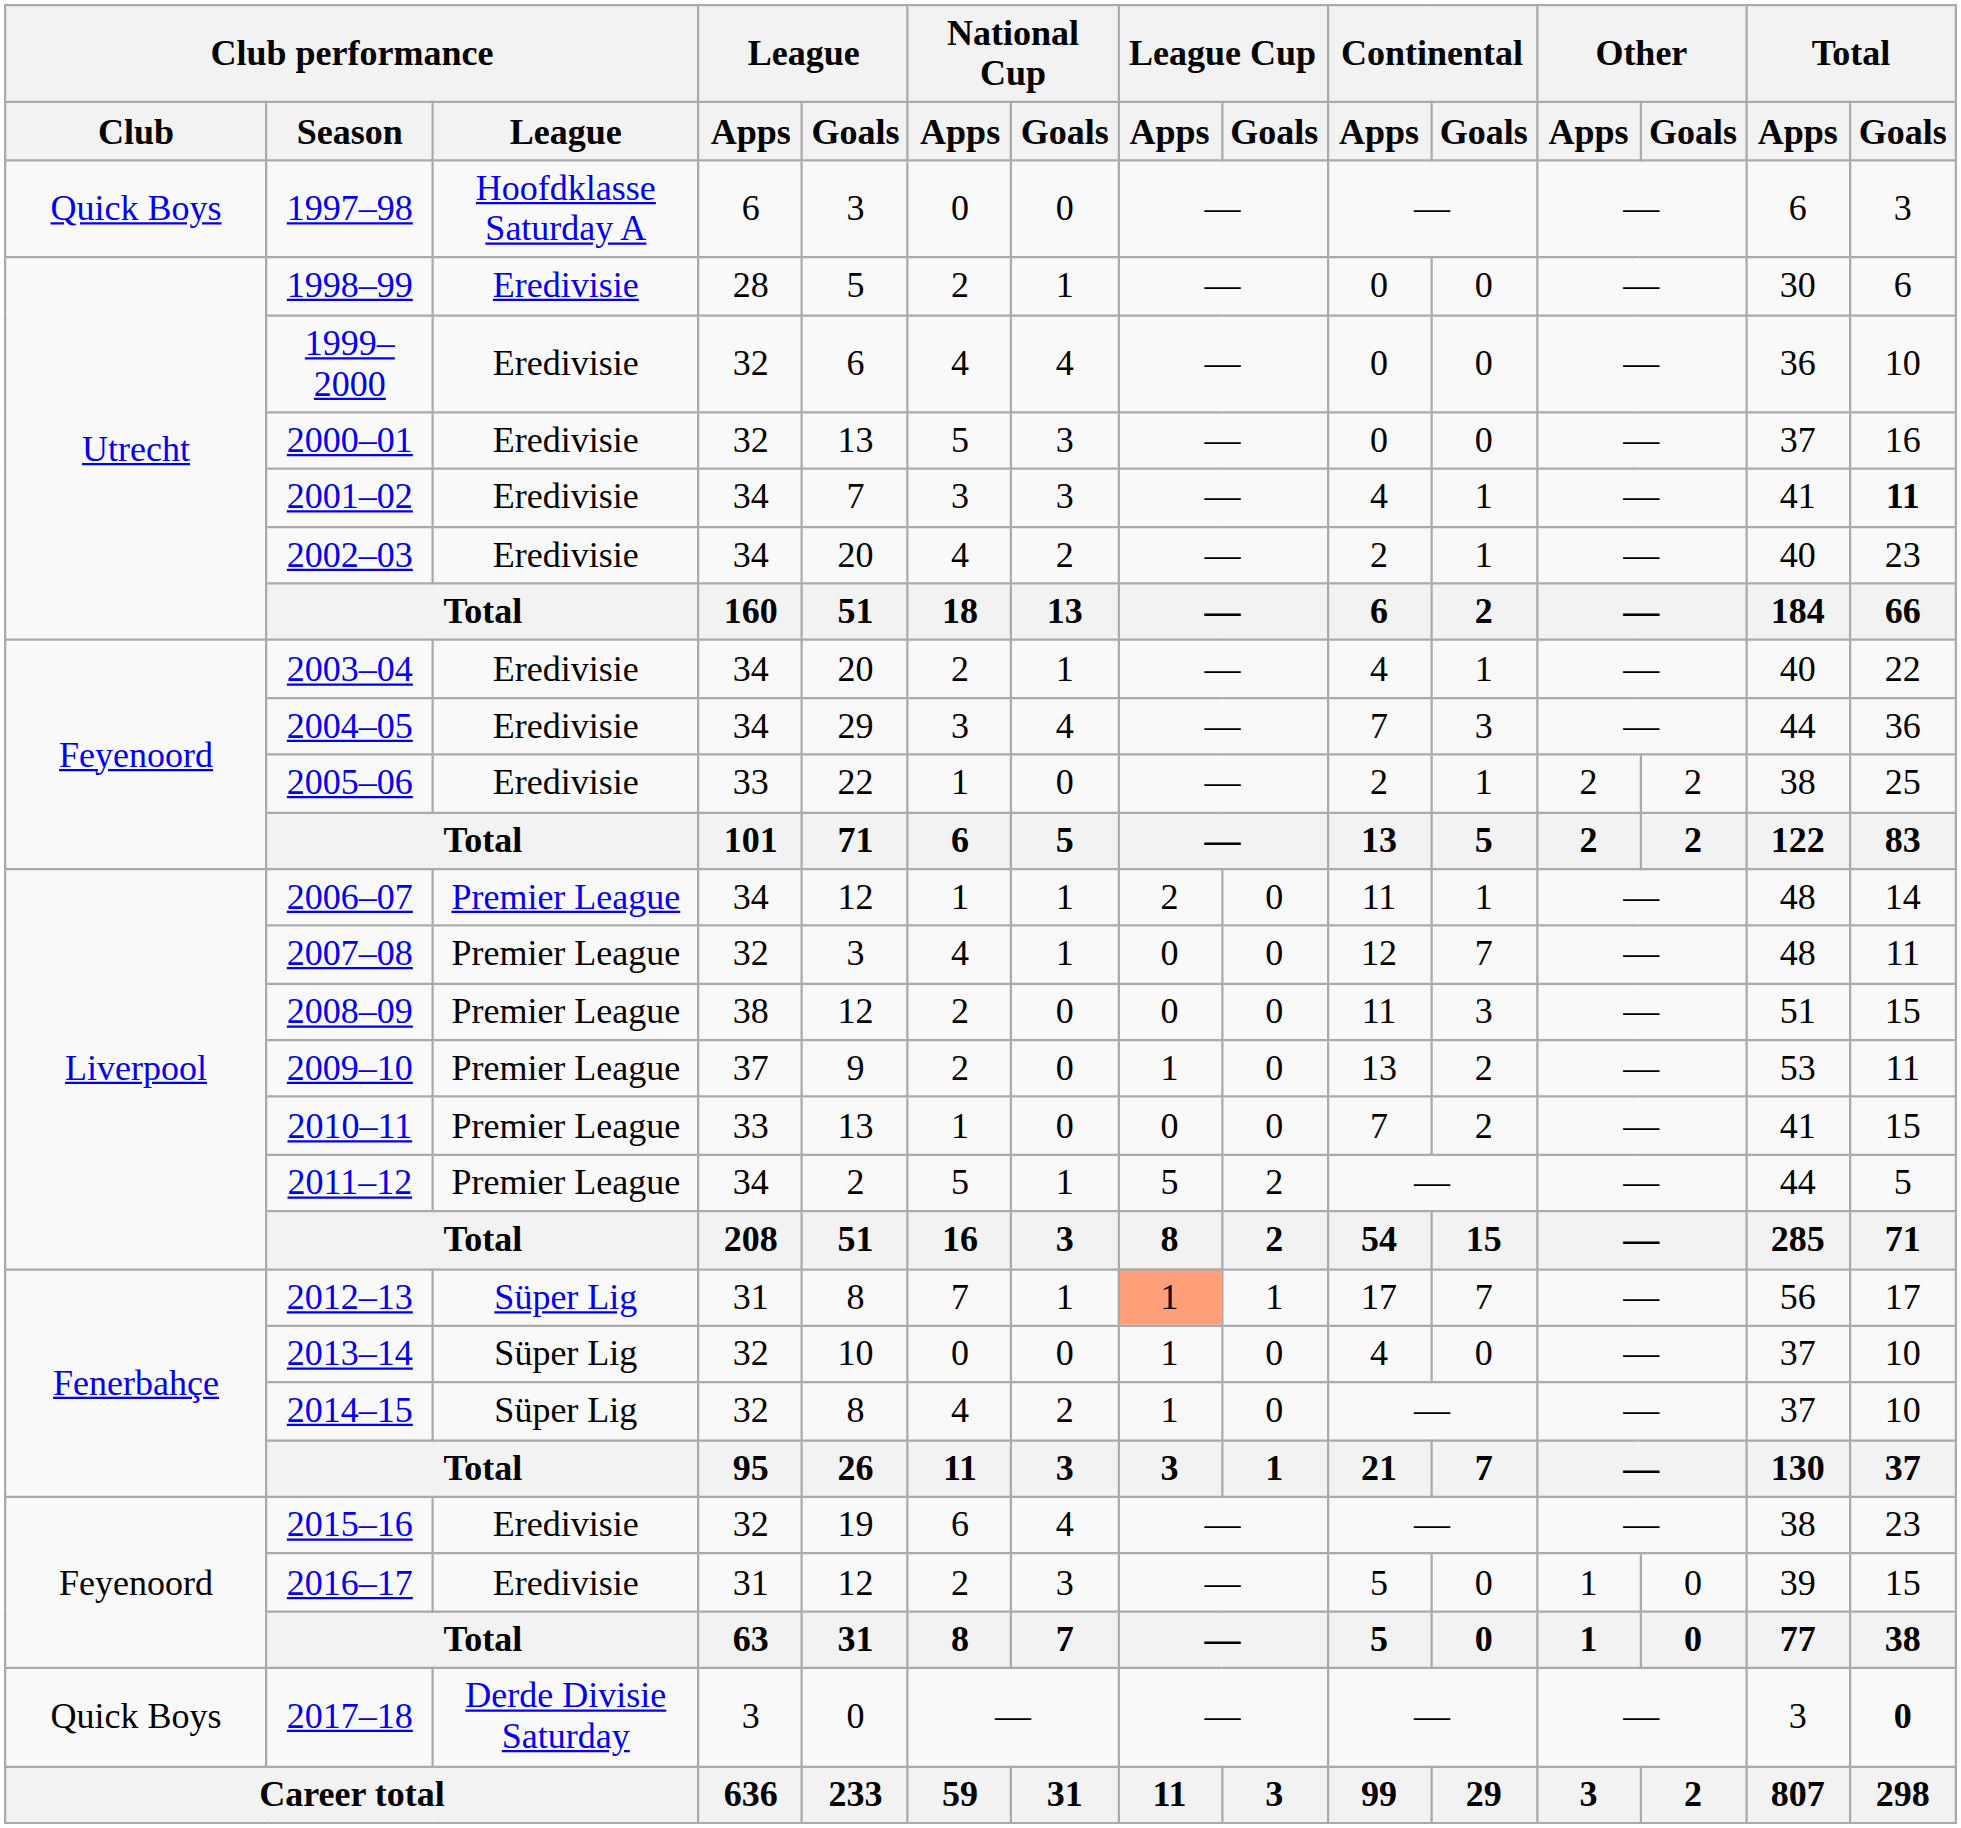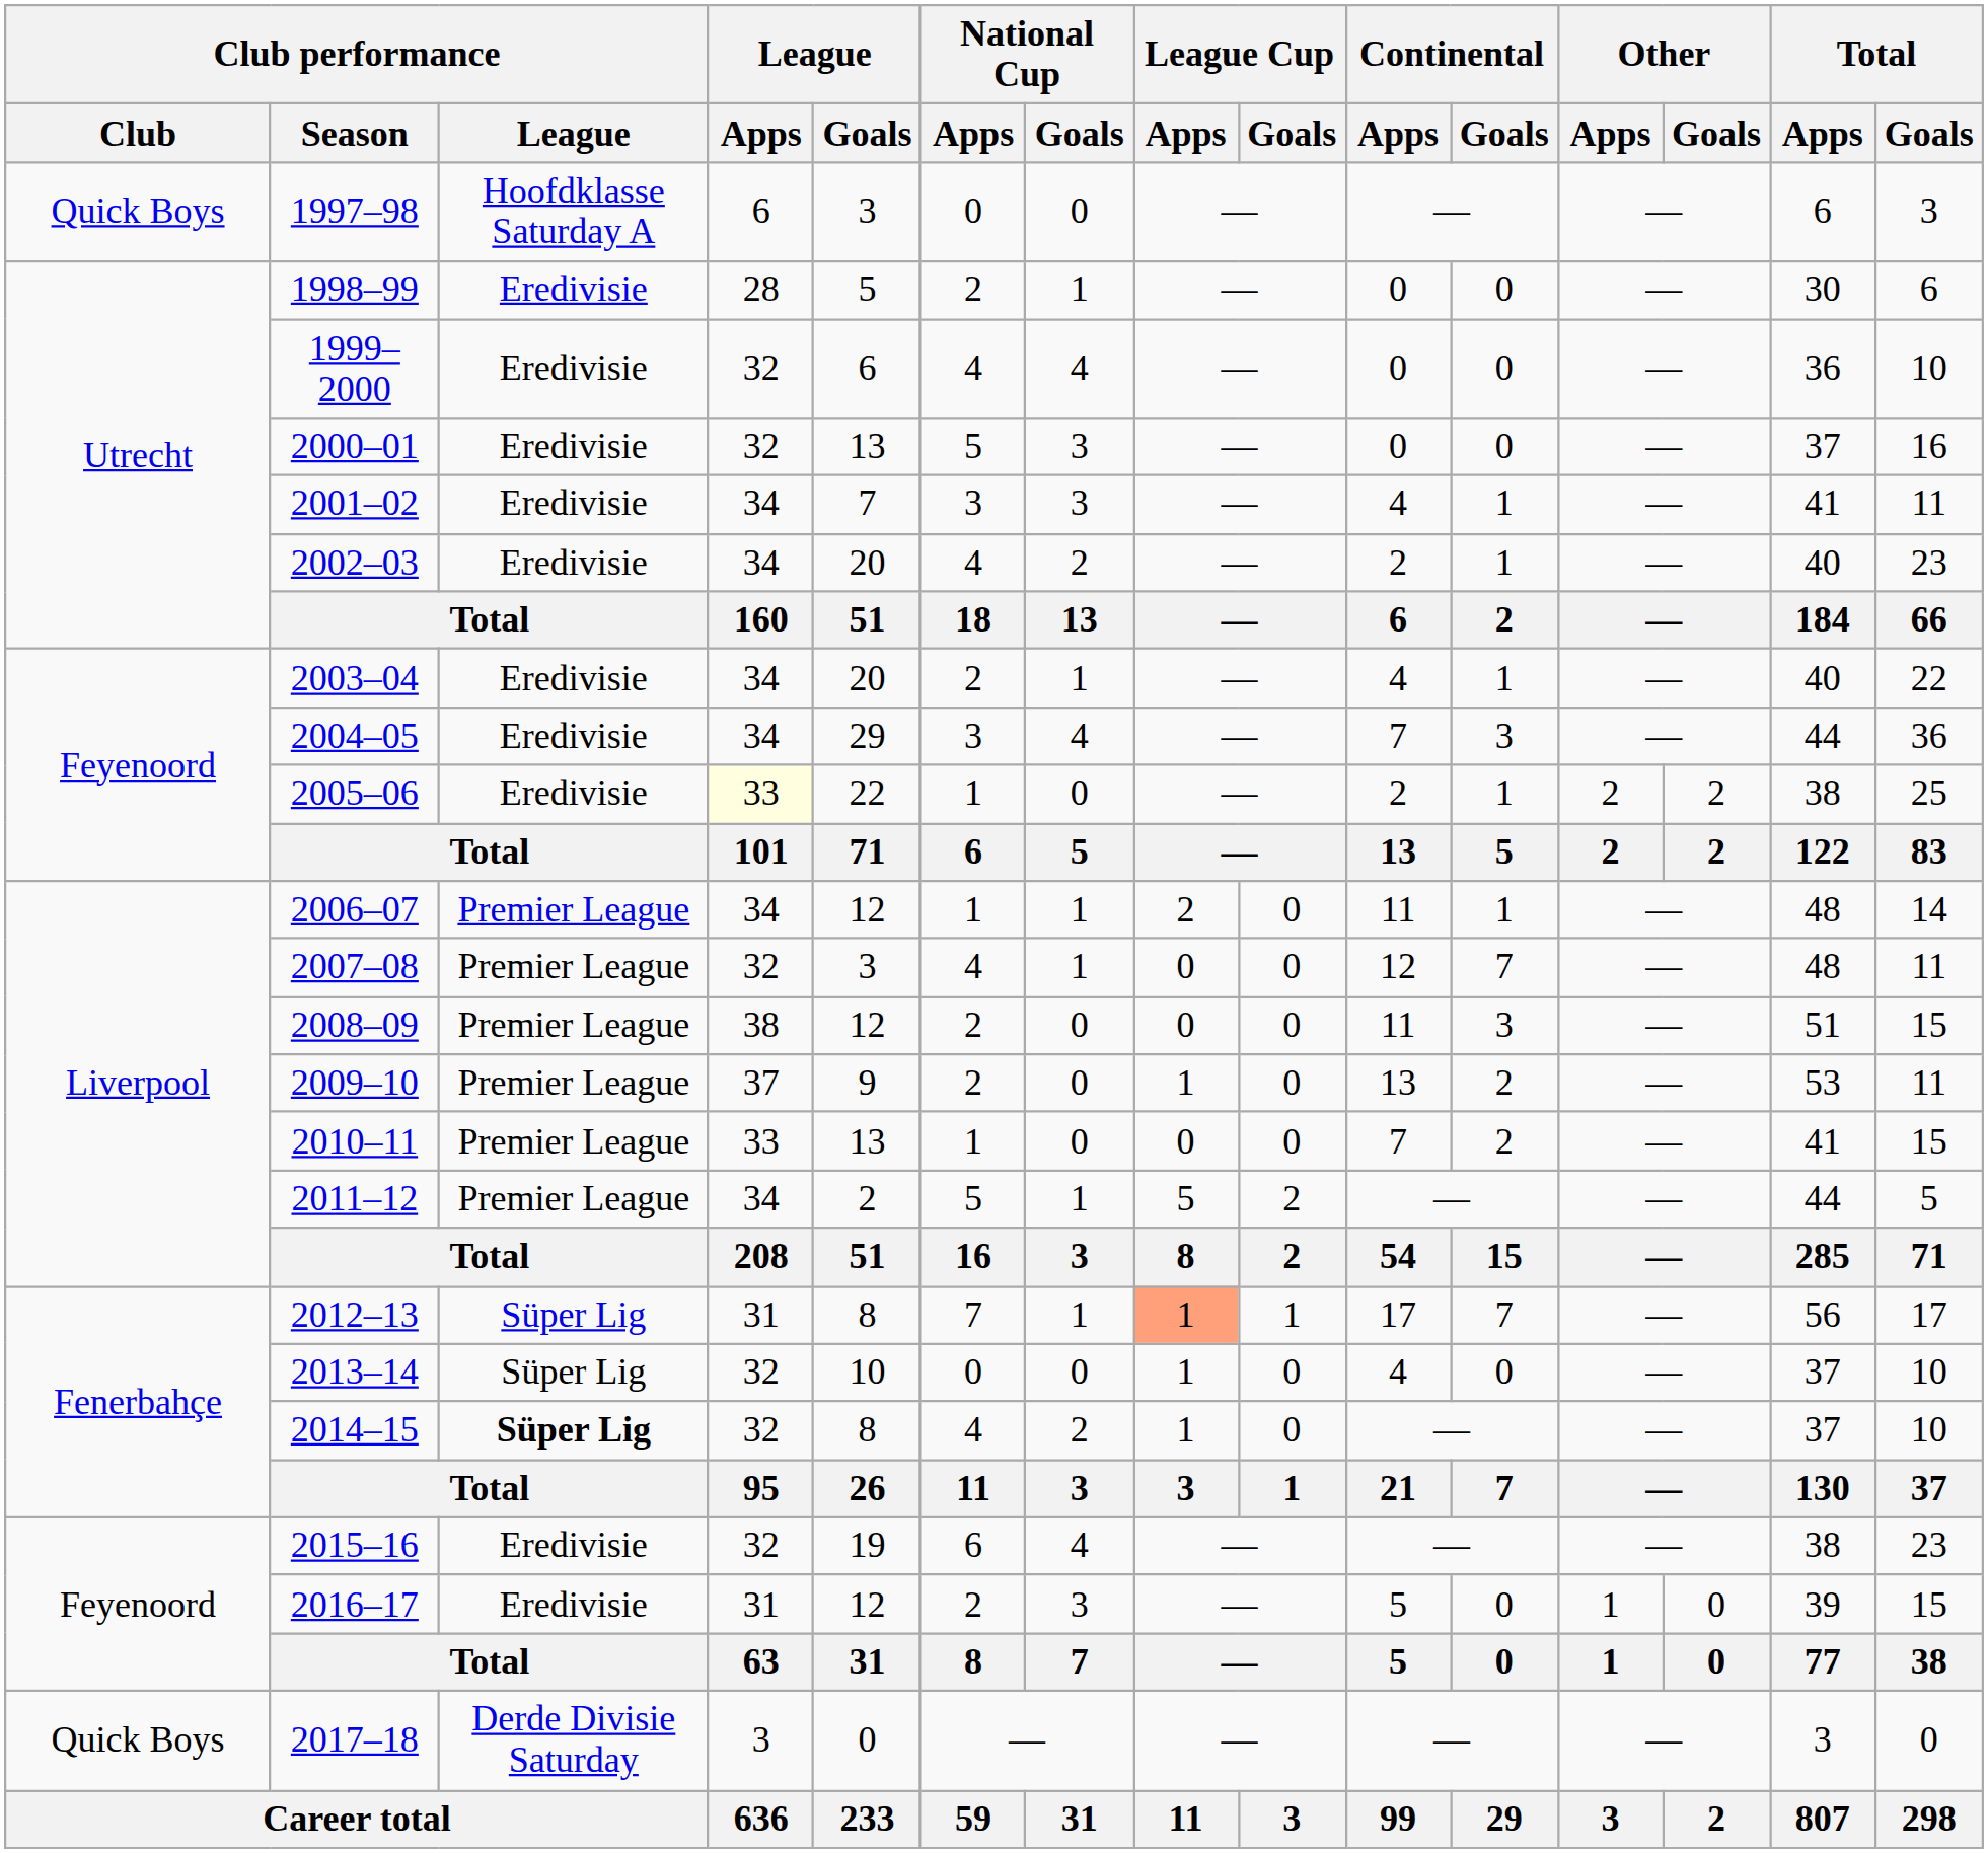 <table class="wikitable" style="text-align: center;">
 <tr>
 <th colspan="3">Club performance</th>
 <th colspan="2">League</th>
 <th colspan="2">National Cup</th>
 <th colspan="2">League Cup</th>
 <th colspan="2">Continental</th>
 <th colspan="2">Other</th>
 <th colspan="3">Total</th>
 </tr>
 <tr>
 <th width="125">Club</th>
 <th width="75">Season</th>
 <th width="125">League</th>
 <th width="40">Apps</th>
 <th width="40">Goals</th>
 <th width="40">Apps</th>
 <th width="40">Goals</th>
 <th width="40">Apps</th>
 <th width="40">Goals</th>
 <th width="40">Apps</th>
 <th width="40">Goals</th>
 <th width="40">Apps</th>
 <th width="40">Goals</th>
 <th width="40">Apps</th>
 <th width="40">Goals</th>
 </tr>
 <tr>
 <td><a href='#'>Quick Boys</a></td>
 <td><a href='#'>1997–98</a></td>
 <td><a href='#'>Hoofdklasse Saturday A</a></td>
 <td>6</td>
 <td>3</td>
 <td>0</td>
 <td>0</td>
 <td colspan="2">—</td>
 <td colspan="2">—</td>
 <td colspan="2">—</td>
 <td>6</td>
 <td>3</td>
 </tr>
 <tr>
 <td rowspan="6"><a href='#'>Utrecht</a></td>
 <td><a href='#'>1998–99</a></td>
 <td><a href='#'>Eredivisie</a></td>
 <td>28</td>
 <td>5</td>
 <td>2</td>
 <td>1</td>
 <td colspan="2">—</td>
 <td>0</td>
 <td>0</td>
 <td colspan="2">—</td>
 <td>30</td>
 <td>6</td>
 </tr>
 <tr>
 <td><a href='#'>1999–2000</a></td>
 <td>Eredivisie</td>
 <td>32</td>
 <td>6</td>
 <td>4</td>
 <td>4</td>
 <td colspan="2">—</td>
 <td>0</td>
 <td>0</td>
 <td colspan="2">—</td>
 <td>36</td>
 <td>10</td>
 </tr>
 <tr>
 <td><a href='#'>2000–01</a></td>
 <td>Eredivisie</td>
 <td>32</td>
 <td>13</td>
 <td>5</td>
 <td>3</td>
 <td colspan="2">—</td>
 <td>0</td>
 <td>0</td>
 <td colspan="2">—</td>
 <td>37</td>
 <td>16</td>
 </tr>
 <tr>
 <td><a href='#'>2001–02</a></td>
 <td>Eredivisie</td>
 <td>34</td>
 <td>7</td>
 <td>3</td>
 <td>3</td>
 <td colspan="2">—</td>
 <td>4</td>
 <td>1</td>
 <td colspan="2">—</td>
 <td>41</td>
-<td><strong>11</strong></td>
+<td>11</td>
 </tr>
 <tr>
 <td><a href='#'>2002–03</a></td>
 <td>Eredivisie</td>
 <td>34</td>
 <td>20</td>
 <td>4</td>
 <td>2</td>
 <td colspan="2">—</td>
 <td>2</td>
 <td>1</td>
 <td colspan="2">—</td>
 <td>40</td>
 <td>23</td>
 </tr>
 <tr>
 <th colspan="2">Total</th>
 <th>160</th>
 <th>51</th>
 <th>18</th>
 <th>13</th>
 <th colspan="2">—</th>
 <th>6</th>
 <th>2</th>
 <th colspan="2">—</th>
 <th>184</th>
 <th>66</th>
 </tr>
 <tr>
 <td rowspan="4"><a href='#'>Feyenoord</a></td>
 <td><a href='#'>2003–04</a></td>
 <td>Eredivisie</td>
 <td>34</td>
 <td>20</td>
 <td>2</td>
 <td>1</td>
 <td colspan="2">—</td>
 <td>4</td>
 <td>1</td>
 <td colspan="2">—</td>
 <td>40</td>
 <td>22</td>
 </tr>
 <tr>
 <td><a href='#'>2004–05</a></td>
 <td>Eredivisie</td>
 <td>34</td>
 <td>29</td>
 <td>3</td>
 <td>4</td>
 <td colspan="2">—</td>
 <td>7</td>
 <td>3</td>
 <td colspan="2">—</td>
 <td>44</td>
 <td>36</td>
 </tr>
 <tr>
 <td><a href='#'>2005–06</a></td>
 <td>Eredivisie</td>
-<td>33</td>
+<td style="background: lightyellow;">33</td>
 <td>22</td>
 <td>1</td>
 <td>0</td>
 <td colspan="2">—</td>
 <td>2</td>
 <td>1</td>
 <td>2</td>
 <td>2</td>
 <td>38</td>
 <td>25</td>
 </tr>
 <tr>
 <th colspan="2">Total</th>
 <th>101</th>
 <th>71</th>
 <th>6</th>
 <th>5</th>
 <th colspan="2">—</th>
 <th>13</th>
 <th>5</th>
 <th>2</th>
 <th>2</th>
 <th>122</th>
 <th>83</th>
 </tr>
 <tr>
 <td rowspan="7"><a href='#'>Liverpool</a></td>
 <td><a href='#'>2006–07</a></td>
 <td><a href='#'>Premier League</a></td>
 <td>34</td>
 <td>12</td>
 <td>1</td>
 <td>1</td>
 <td>2</td>
 <td>0</td>
 <td>11</td>
 <td>1</td>
 <td colspan="2">—</td>
 <td>48</td>
 <td>14</td>
 </tr>
 <tr>
 <td><a href='#'>2007–08</a></td>
 <td>Premier League</td>
 <td>32</td>
 <td>3</td>
 <td>4</td>
 <td>1</td>
 <td>0</td>
 <td>0</td>
 <td>12</td>
 <td>7</td>
 <td colspan="2">—</td>
 <td>48</td>
 <td>11</td>
 </tr>
 <tr>
 <td><a href='#'>2008–09</a></td>
 <td>Premier League</td>
 <td>38</td>
 <td>12</td>
 <td>2</td>
 <td>0</td>
 <td>0</td>
 <td>0</td>
 <td>11</td>
 <td>3</td>
 <td colspan="2">—</td>
 <td>51</td>
 <td>15</td>
 </tr>
 <tr>
 <td><a href='#'>2009–10</a></td>
 <td>Premier League</td>
 <td>37</td>
 <td>9</td>
 <td>2</td>
 <td>0</td>
 <td>1</td>
 <td>0</td>
 <td>13</td>
 <td>2</td>
 <td colspan="2">—</td>
 <td>53</td>
 <td>11</td>
 </tr>
 <tr>
 <td><a href='#'>2010–11</a></td>
 <td>Premier League</td>
 <td>33</td>
 <td>13</td>
 <td>1</td>
 <td>0</td>
 <td>0</td>
 <td>0</td>
 <td>7</td>
 <td>2</td>
 <td colspan="2">—</td>
 <td>41</td>
 <td>15</td>
 </tr>
 <tr>
 <td><a href='#'>2011–12</a></td>
 <td>Premier League</td>
 <td>34</td>
 <td>2</td>
 <td>5</td>
 <td>1</td>
 <td>5</td>
 <td>2</td>
 <td colspan="2">—</td>
 <td colspan="2">—</td>
 <td>44</td>
 <td>5</td>
 </tr>
 <tr>
 <th colspan="2">Total</th>
 <th>208</th>
 <th>51</th>
 <th>16</th>
 <th>3</th>
 <th>8</th>
 <th>2</th>
 <th>54</th>
 <th>15</th>
 <th colspan="2">—</th>
 <th>285</th>
 <th>71</th>
 </tr>
 <tr>
 <td rowspan="4"><a href='#'>Fenerbahçe</a></td>
 <td><a href='#'>2012–13</a></td>
 <td><a href='#'>Süper Lig</a></td>
 <td>31</td>
 <td>8</td>
 <td>7</td>
 <td>1</td>
 <td style="background: lightsalmon;">1</td>
 <td>1</td>
 <td>17</td>
 <td>7</td>
 <td colspan="2">—</td>
 <td>56</td>
 <td>17</td>
 </tr>
 <tr>
 <td><a href='#'>2013–14</a></td>
 <td>Süper Lig</td>
 <td>32</td>
 <td>10</td>
 <td>0</td>
 <td>0</td>
 <td>1</td>
 <td>0</td>
 <td>4</td>
 <td>0</td>
 <td colspan="2">—</td>
 <td>37</td>
 <td>10</td>
 </tr>
 <tr>
 <td><a href='#'>2014–15</a></td>
-<td>Süper Lig</td>
+<td><strong>Süper Lig</strong></td>
 <td>32</td>
 <td>8</td>
 <td>4</td>
 <td>2</td>
 <td>1</td>
 <td>0</td>
 <td colspan="2">—</td>
 <td colspan="2">—</td>
 <td>37</td>
 <td>10</td>
 </tr>
 <tr>
 <th colspan="2">Total</th>
 <th>95</th>
 <th>26</th>
 <th>11</th>
 <th>3</th>
 <th>3</th>
 <th>1</th>
 <th>21</th>
 <th>7</th>
 <th colspan="2">—</th>
 <th>130</th>
 <th>37</th>
 </tr>
 <tr>
 <td rowspan="3">Feyenoord</td>
 <td><a href='#'>2015–16</a></td>
 <td>Eredivisie</td>
 <td>32</td>
 <td>19</td>
 <td>6</td>
 <td>4</td>
 <td colspan="2">—</td>
 <td colspan="2">—</td>
 <td colspan="2">—</td>
 <td>38</td>
 <td>23</td>
 </tr>
 <tr>
 <td><a href='#'>2016–17</a></td>
 <td>Eredivisie</td>
 <td>31</td>
 <td>12</td>
 <td>2</td>
 <td>3</td>
 <td colspan="2">—</td>
 <td>5</td>
 <td>0</td>
 <td>1</td>
 <td>0</td>
 <td>39</td>
 <td>15</td>
 </tr>
 <tr>
 <th colspan="2">Total</th>
 <th>63</th>
 <th>31</th>
 <th>8</th>
 <th>7</th>
 <th colspan="2">—</th>
 <th>5</th>
 <th>0</th>
 <th>1</th>
 <th>0</th>
 <th>77</th>
 <th>38</th>
 </tr>
 <tr>
 <td>Quick Boys</td>
 <td><a href='#'>2017–18</a></td>
 <td><a href='#'>Derde Divisie Saturday</a></td>
 <td>3</td>
 <td>0</td>
 <td colspan="2">—</td>
 <td colspan="2">—</td>
 <td colspan="2">—</td>
 <td colspan="2">—</td>
 <td>3</td>
-<td><strong>0</strong></td>
+<td>0</td>
 </tr>
 <tr>
 <th colspan="3">Career total</th>
 <th>636</th>
 <th>233</th>
 <th>59</th>
 <th>31</th>
 <th>11</th>
 <th>3</th>
 <th>99</th>
 <th>29</th>
 <th>3</th>
 <th>2</th>
 <th>807</th>
 <th>298</th>
 </tr>
 </table>
